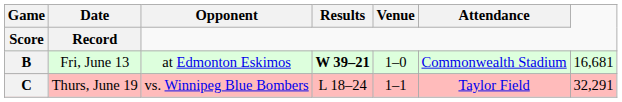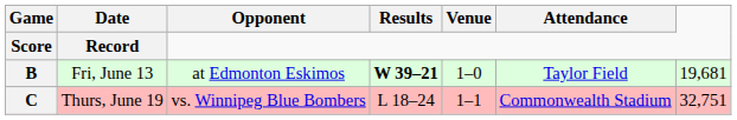 <table class="wikitable" style="text-align:center">
 <tr>
 <th>Game</th>
 <th>Date</th>
 <th>Opponent</th>
 <th>Results</th>
 <th>Venue</th>
 <th>Attendance</th>
 </tr>
 <tr>
 <th>Score</th>
 <th>Record</th>
 </tr>
 <tr style="background:#ddffdd">
 <th>B</th>
 <td>Fri, June 13</td>
 <td>at <a href='#'>Edmonton Eskimos</a></td>
 <td><strong>W 39–21</strong></td>
 <td>1–0</td>
-<td><a href='#'>Commonwealth Stadium</a></td>
-<td>16,681</td>
+<td><a href='#'>Taylor Field</a></td>
+<td>19,681</td>
 </tr>
 <tr style="background:#ffbbbb">
 <th>C</th>
 <td>Thurs, June 19</td>
 <td>vs. <a href='#'>Winnipeg Blue Bombers</a></td>
 <td>L 18–24</td>
 <td>1–1</td>
-<td><a href='#'>Taylor Field</a></td>
-<td>32,291</td>
+<td><a href='#'>Commonwealth Stadium</a></td>
+<td>32,751</td>
 </tr>
 </table>
